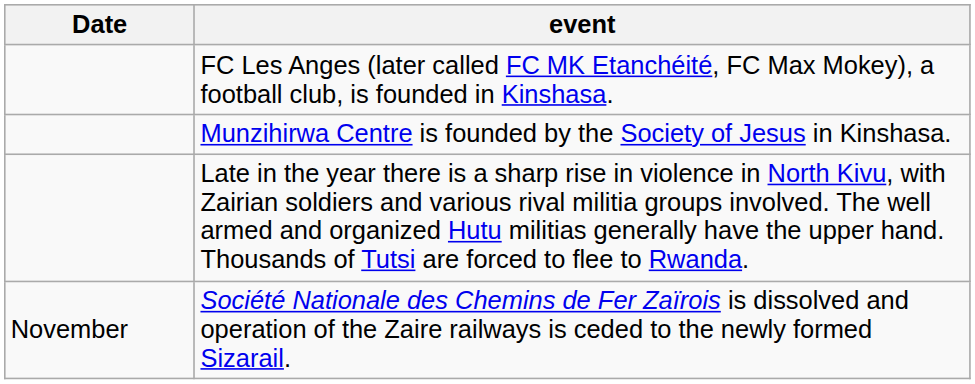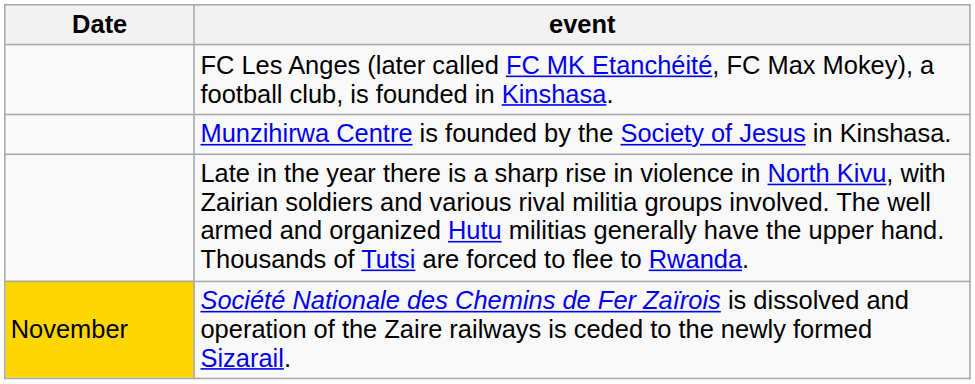 <table class=wikitable>
 <tr>
 <th style="width:7em">Date</th>
 <th>event</th>
 </tr>
 <tr>
 <td></td>
 <td>FC Les Anges (later called <a href='#'>FC MK Etanchéité</a>, FC Max Mokey), a football club, is founded in <a href='#'>Kinshasa</a>.</td>
 </tr>
 <tr>
 <td></td>
 <td><a href='#'>Munzihirwa Centre</a> is founded by the <a href='#'>Society of Jesus</a> in Kinshasa.</td>
 </tr>
 <tr>
 <td></td>
 <td>Late in the year there is a sharp rise in violence in <a href='#'>North Kivu</a>, with Zairian soldiers and various rival militia groups involved. The well armed and organized <a href='#'>Hutu</a> militias generally have the upper hand. Thousands of <a href='#'>Tutsi</a> are forced to flee to <a href='#'>Rwanda</a>.</td>
 </tr>
 <tr>
-<td>November</td>
+<td style="background: gold;">November</td>
 <td><em><a href='#'>Société Nationale des Chemins de Fer Zaïrois</a></em> is dissolved and operation of the Zaire railways is ceded to the newly formed <a href='#'>Sizarail</a>.</td>
 </tr>
 </table>
